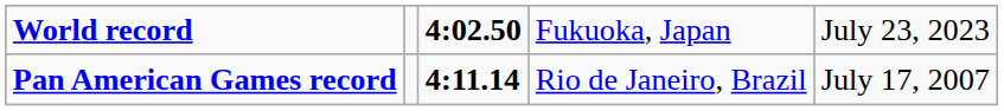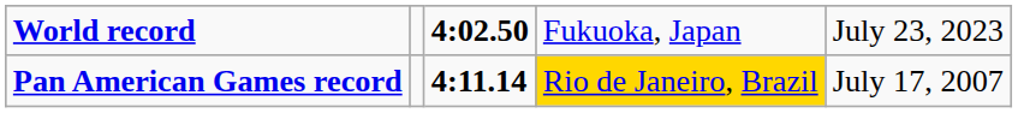 <table class="wikitable">
 <tr>
 <td><strong><a href='#'>World record</a></strong></td>
 <td></td>
 <td><strong>4:02.50</strong></td>
 <td><a href='#'>Fukuoka</a>, <a href='#'>Japan</a></td>
 <td>July 23, 2023</td>
 </tr>
 <tr>
 <td><strong><a href='#'>Pan American Games record</a></strong></td>
 <td></td>
 <td><strong>4:11.14</strong></td>
-<td><a href='#'>Rio de Janeiro</a>, <a href='#'>Brazil</a></td>
+<td style="background: gold;"><a href='#'>Rio de Janeiro</a>, <a href='#'>Brazil</a></td>
 <td>July 17, 2007</td>
 </tr>
 </table>
